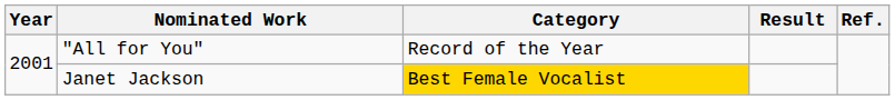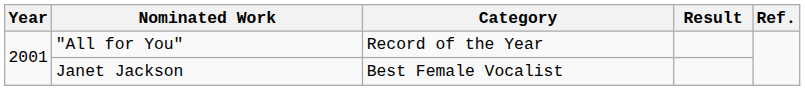 <table class="wikitable" width="50%">
 <tr>
 <th width="5%">Year</th>
 <th width="40%">Nominated Work</th>
 <th width="40%">Category</th>
 <th width="10%">Result</th>
 <th width="5%">Ref.</th>
 </tr>
 <tr>
 <td rowspan="2">2001</td>
 <td>"All for You"</td>
 <td>Record of the Year</td>
 <td></td>
 <td rowspan="2"></td>
 </tr>
 <tr>
 <td>Janet Jackson</td>
-<td style="background: gold;">Best Female Vocalist</td>
+<td>Best Female Vocalist</td>
 <td></td>
 </tr>
 </table>
